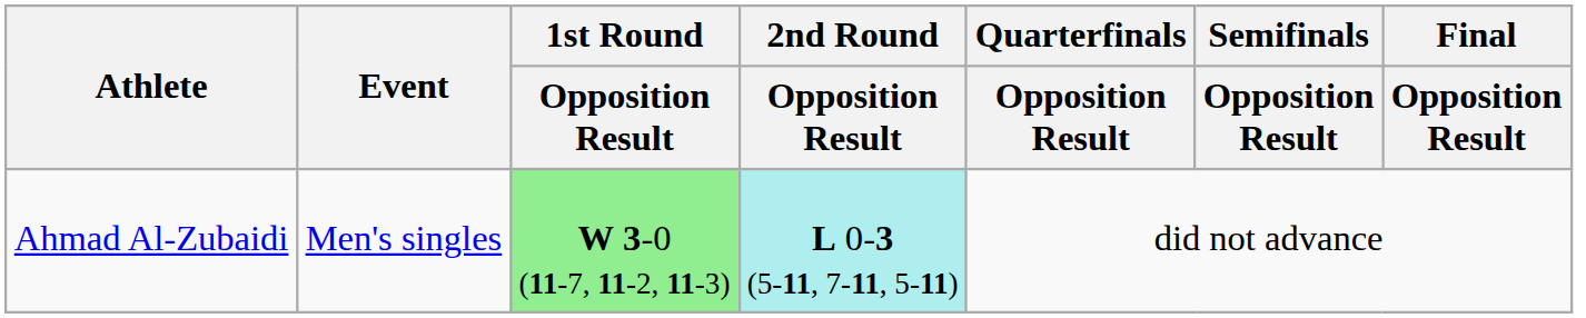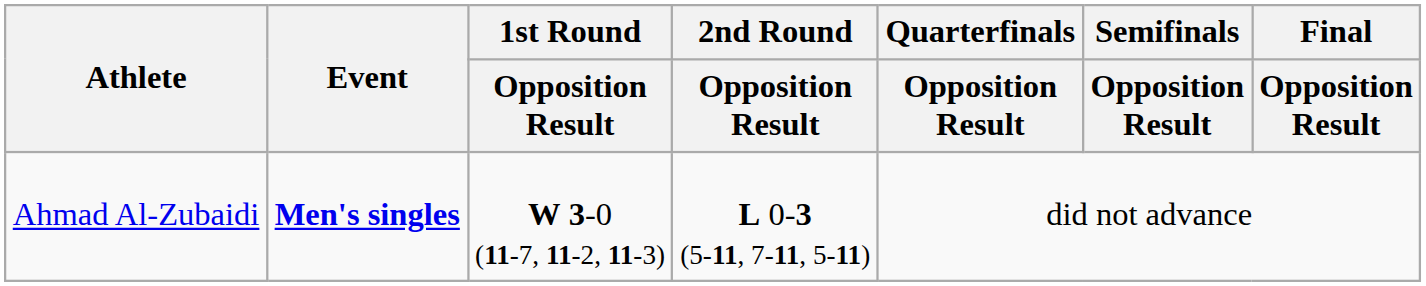 <table class="wikitable" border="1" style="font-size:90%">
 <tr>
 <th rowspan=2>Athlete</th>
 <th rowspan=2>Event</th>
 <th>1st Round</th>
 <th>2nd Round</th>
 <th>Quarterfinals</th>
 <th>Semifinals</th>
 <th>Final</th>
 </tr>
 <tr>
 <th>Opposition<br>Result</th>
 <th>Opposition<br>Result</th>
 <th>Opposition<br>Result</th>
 <th>Opposition<br>Result</th>
 <th>Opposition<br>Result</th>
 </tr>
 <tr>
 <td><a href='#'>Ahmad Al-Zubaidi</a></td>
-<td><a href='#'>Men's singles</a></td>
-<td align=center style="background: lightgreen;"><br><strong>W</strong> <strong>3</strong>-0<br><small>(<strong>11</strong>-7, <strong>11</strong>-2, <strong>11</strong>-3)</small></td>
-<td align=center style="background: paleturquoise;"><br><strong>L</strong> 0-<strong>3</strong><br><small>(5-<strong>11</strong>, 7-<strong>11</strong>, 5-<strong>11</strong>)</small></td>
+<td><strong><a href='#'>Men's singles</a></strong></td>
+<td align=center><br><strong>W</strong> <strong>3</strong>-0<br><small>(<strong>11</strong>-7, <strong>11</strong>-2, <strong>11</strong>-3)</small></td>
+<td align=center><br><strong>L</strong> 0-<strong>3</strong><br><small>(5-<strong>11</strong>, 7-<strong>11</strong>, 5-<strong>11</strong>)</small></td>
 <td align=center colspan="7">did not advance</td>
 </tr>
 </table>
